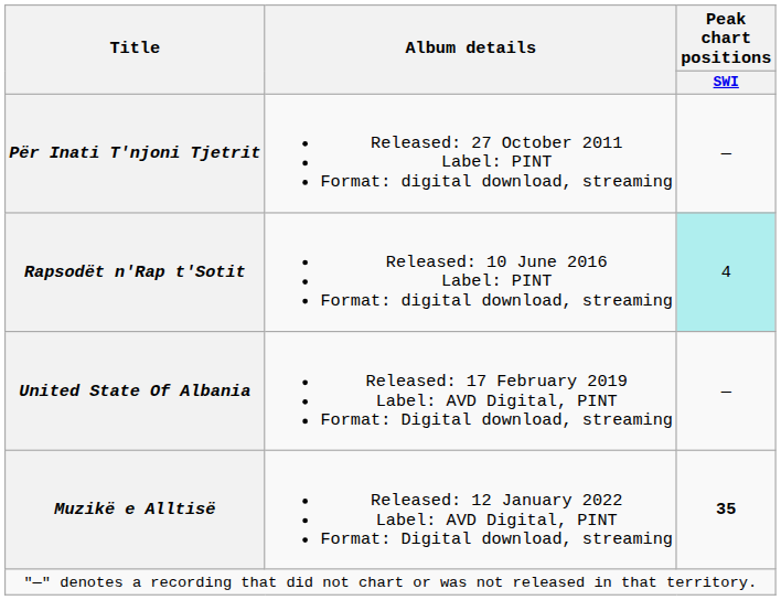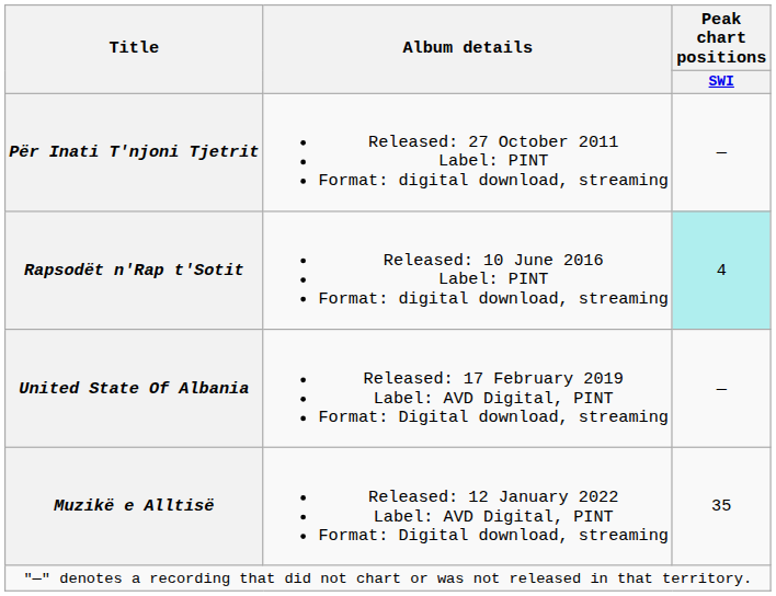 <table class="wikitable plainrowheaders" style="text-align:center;">
 <tr>
 <th scope="col" rowspan="2">Title</th>
 <th scope="col" rowspan="2">Album details</th>
 <th scope="col" colspan="1">Peak chart positions</th>
 </tr>
 <tr>
 <th style="width:3em; font-size:85%"><a href='#'>SWI</a><br></th>
 </tr>
 <tr>
 <th scope="row"><em>Për Inati T'njoni Tjetrit</em><br></th>
 <td><br><ul><li>Released: 27 October 2011</li><li>Label: PINT</li><li>Format: digital download, streaming</li></ul></td>
 <td>—</td>
 </tr>
 <tr>
 <th scope="row"><em>Rapsodët n'Rap t'Sotit</em><br></th>
 <td><br><ul><li>Released: 10 June 2016</li><li>Label: PINT</li><li>Format: digital download, streaming</li></ul></td>
 <td style="background: paleturquoise;">4</td>
 </tr>
 <tr>
 <th scope="row"><em>United State Of Albania</em><br></th>
 <td><br><ul><li>Released: 17 February 2019</li><li>Label: AVD Digital, PINT</li><li>Format: Digital download, streaming</li></ul></td>
 <td>—</td>
 </tr>
 <tr>
 <th scope="row"><em>Muzikë e Alltisë</em><br></th>
 <td><br><ul><li>Released: 12 January 2022</li><li>Label: AVD Digital, PINT</li><li>Format: Digital download, streaming</li></ul></td>
-<td><strong>35</strong></td>
+<td>35</td>
 </tr>
 <tr>
 <td colspan="11" style="font-size:90%">"—" denotes a recording that did not chart or was not released in that territory.</td>
 </tr>
 </table>
